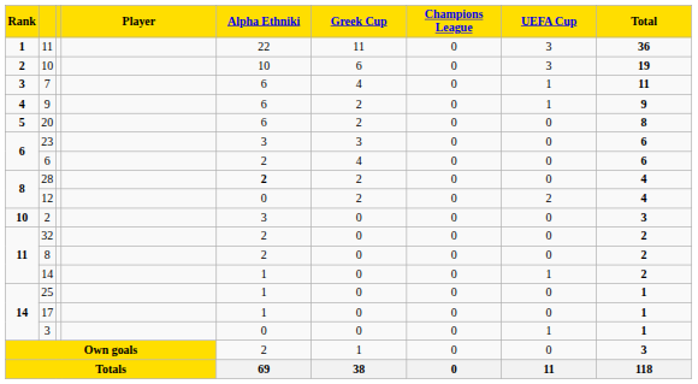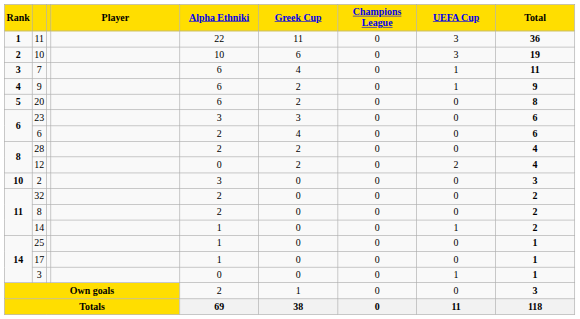 <table class="wikitable sortable" style="text-align: center">
 <tr>
 <th style="background:#FFDE00">Rank</th>
 <th style="background:#FFDE00"></th>
 <th style="background:#FFDE00"></th>
 <th width=200 style="background:#FFDE00">Player</th>
 <th width=120 style="background:#FFDE00"><a href='#'>Alpha Ethniki</a></th>
 <th width=120 style="background:#FFDE00"><a href='#'>Greek Cup</a></th>
 <th width=120 style="background:#FFDE00"><a href='#'>Champions League</a></th>
 <th width=120 style="background:#FFDE00"><a href='#'>UEFA Cup</a></th>
 <th width=120 style="background:#FFDE00">Total</th>
 </tr>
 <tr>
 <td><strong>1</strong></td>
 <td>11</td>
 <td></td>
 <td align=left></td>
 <td>22</td>
 <td>11</td>
 <td>0</td>
 <td>3</td>
 <td><strong>36</strong></td>
 </tr>
 <tr>
 <td><strong>2</strong></td>
 <td>10</td>
 <td></td>
 <td align=left></td>
 <td>10</td>
 <td>6</td>
 <td>0</td>
 <td>3</td>
 <td><strong>19</strong></td>
 </tr>
 <tr>
 <td><strong>3</strong></td>
 <td>7</td>
 <td></td>
 <td align=left></td>
 <td>6</td>
 <td>4</td>
 <td>0</td>
 <td>1</td>
 <td><strong>11</strong></td>
 </tr>
 <tr>
 <td><strong>4</strong></td>
 <td>9</td>
 <td></td>
 <td align=left></td>
 <td>6</td>
 <td>2</td>
 <td>0</td>
 <td>1</td>
 <td><strong>9</strong></td>
 </tr>
 <tr>
 <td><strong>5</strong></td>
 <td>20</td>
 <td></td>
 <td align=left></td>
 <td>6</td>
 <td>2</td>
 <td>0</td>
 <td>0</td>
 <td><strong>8</strong></td>
 </tr>
 <tr>
 <td rowspan=2><strong>6</strong></td>
 <td>23</td>
 <td></td>
 <td align=left></td>
 <td>3</td>
 <td>3</td>
 <td>0</td>
 <td>0</td>
 <td><strong>6</strong></td>
 </tr>
 <tr>
 <td>6</td>
 <td></td>
 <td align=left></td>
 <td>2</td>
 <td>4</td>
 <td>0</td>
 <td>0</td>
 <td><strong>6</strong></td>
 </tr>
 <tr>
 <td rowspan=2><strong>8</strong></td>
 <td>28</td>
 <td></td>
 <td align=left></td>
-<td><strong>2</strong></td>
+<td>2</td>
 <td>2</td>
 <td>0</td>
 <td>0</td>
 <td><strong>4</strong></td>
 </tr>
 <tr>
 <td>12</td>
 <td></td>
 <td align=left></td>
 <td>0</td>
 <td>2</td>
 <td>0</td>
 <td>2</td>
 <td><strong>4</strong></td>
 </tr>
 <tr>
 <td><strong>10</strong></td>
 <td>2</td>
 <td></td>
 <td align=left></td>
 <td>3</td>
 <td>0</td>
 <td>0</td>
 <td>0</td>
 <td><strong>3</strong></td>
 </tr>
 <tr>
 <td rowspan=3><strong>11</strong></td>
 <td>32</td>
 <td></td>
 <td align=left></td>
 <td>2</td>
 <td>0</td>
 <td>0</td>
 <td>0</td>
 <td><strong>2</strong></td>
 </tr>
 <tr>
 <td>8</td>
 <td></td>
 <td align=left></td>
 <td>2</td>
 <td>0</td>
 <td>0</td>
 <td>0</td>
 <td><strong>2</strong></td>
 </tr>
 <tr>
 <td>14</td>
 <td></td>
 <td align=left></td>
 <td>1</td>
 <td>0</td>
 <td>0</td>
 <td>1</td>
 <td><strong>2</strong></td>
 </tr>
 <tr>
 <td rowspan=3><strong>14</strong></td>
 <td>25</td>
 <td></td>
 <td align=left></td>
 <td>1</td>
 <td>0</td>
 <td>0</td>
 <td>0</td>
 <td><strong>1</strong></td>
 </tr>
 <tr>
 <td>17</td>
 <td></td>
 <td align=left></td>
 <td>1</td>
 <td>0</td>
 <td>0</td>
 <td>0</td>
 <td><strong>1</strong></td>
 </tr>
 <tr>
 <td>3</td>
 <td></td>
 <td align=left></td>
 <td>0</td>
 <td>0</td>
 <td>0</td>
 <td>1</td>
 <td><strong>1</strong></td>
 </tr>
 <tr class="sortbottom">
 <td colspan=4 style="background:#FFDE00"><strong>Own goals</strong></td>
 <td>2</td>
 <td>1</td>
 <td>0</td>
 <td>0</td>
 <td><strong>3</strong></td>
 </tr>
 <tr class="sortbottom">
 <th colspan=4 style="background:#FFDE00"><strong>Totals</strong></th>
 <th><strong> 69</strong></th>
 <th><strong> 38</strong></th>
 <th><strong>  0</strong></th>
 <th><strong> 11</strong></th>
 <th><strong>118</strong></th>
 </tr>
 </table>
